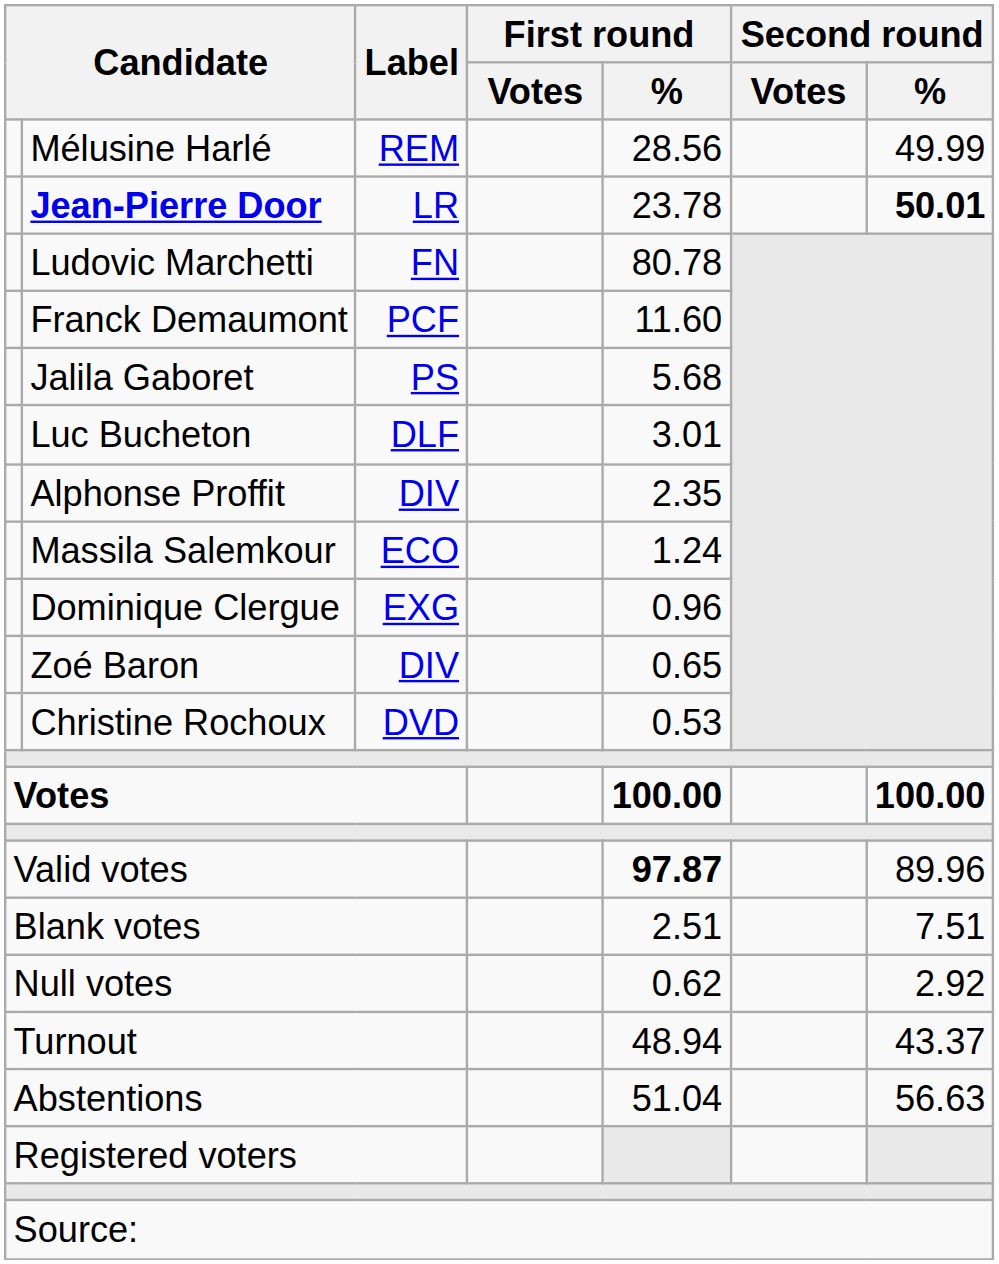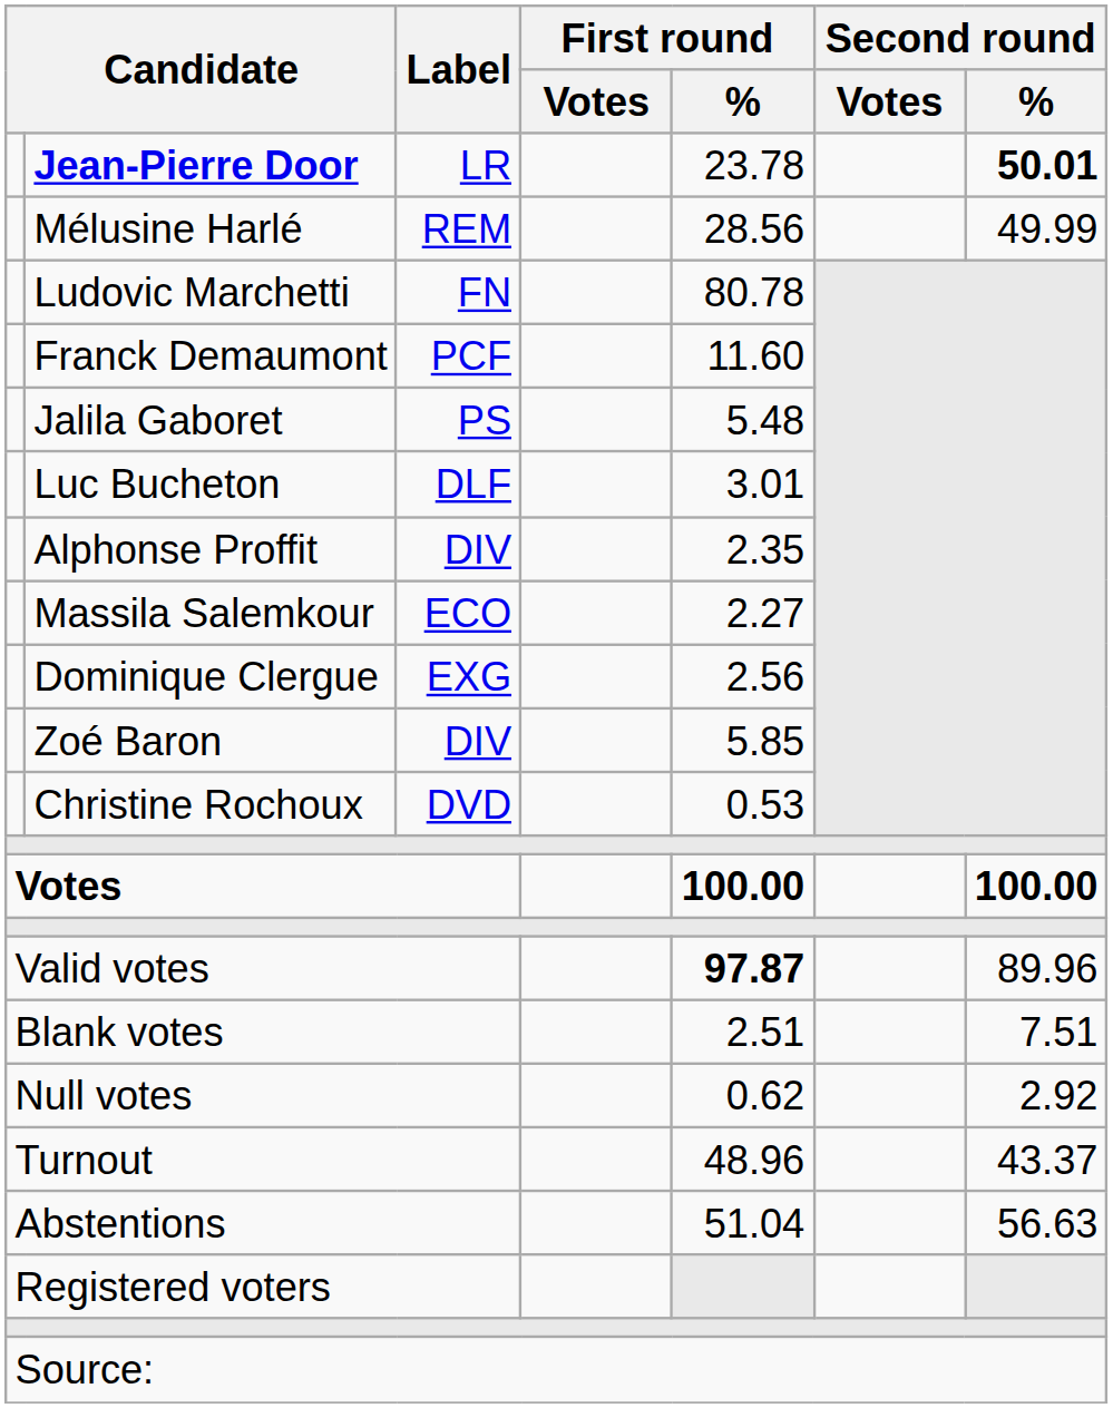 <table class="wikitable" style="text-align:right;font-size:95%;">
 <tr>
 <th rowspan="2" colspan="2">Candidate</th>
 <th rowspan="2">Label</th>
 <th colspan="2">First round</th>
 <th colspan="2">Second round</th>
 </tr>
 <tr>
 <th style="width:50px;">Votes</th>
 <th style="width:45px;">%</th>
 <th style="width:50px;">Votes</th>
 <th style="width:45px;">%</th>
 </tr>
 <tr>
 <td style="color:inherit;background:"></td>
+<td style="text-align:left;"><strong><a href='#'>Jean-Pierre Door</a></strong></td>
+<td><a href='#'>LR</a></td>
+<td></td>
+<td>23.78</td>
+<td><strong></strong></td>
+<td><strong>50.01</strong></td>
+</tr>
+<tr>
+<td style="color:inherit;background:"></td>
 <td style="text-align:left;">Mélusine Harlé</td>
 <td><a href='#'>REM</a></td>
 <td></td>
 <td>28.56</td>
 <td></td>
 <td>49.99</td>
-</tr>
-<tr>
-<td style="color:inherit;background:"></td>
-<td style="text-align:left;"><strong><a href='#'>Jean-Pierre Door</a></strong></td>
-<td><a href='#'>LR</a></td>
-<td></td>
-<td>23.78</td>
-<td><strong></strong></td>
-<td><strong>50.01</strong></td>
 </tr>
 <tr>
 <td style="color:inherit;background:"></td>
 <td style="text-align:left;">Ludovic Marchetti</td>
 <td><a href='#'>FN</a></td>
 <td></td>
 <td>80.78</td>
 <td colspan="2" rowspan="9" style="background:#E9E9E9;"></td>
 </tr>
 <tr>
 <td style="color:inherit;background:"></td>
 <td style="text-align:left;">Franck Demaumont</td>
 <td><a href='#'>PCF</a></td>
 <td></td>
 <td>11.60</td>
 </tr>
 <tr>
 <td style="color:inherit;background:"></td>
 <td style="text-align:left;">Jalila Gaboret</td>
 <td><a href='#'>PS</a></td>
 <td></td>
-<td>5.68</td>
+<td>5.48</td>
 </tr>
 <tr>
 <td style="color:inherit;background:"></td>
 <td style="text-align:left;">Luc Bucheton</td>
 <td><a href='#'>DLF</a></td>
 <td></td>
 <td>3.01</td>
 </tr>
 <tr>
 <td style="color:inherit;background:"></td>
 <td style="text-align:left;">Alphonse Proffit</td>
 <td><a href='#'>DIV</a></td>
 <td></td>
 <td>2.35</td>
 </tr>
 <tr>
 <td style="color:inherit;background:"></td>
 <td style="text-align:left;">Massila Salemkour</td>
 <td><a href='#'>ECO</a></td>
 <td></td>
-<td>1.24</td>
+<td>2.27</td>
 </tr>
 <tr>
 <td style="color:inherit;background:"></td>
 <td style="text-align:left;">Dominique Clergue</td>
 <td><a href='#'>EXG</a></td>
 <td></td>
-<td>0.96</td>
+<td>2.56</td>
 </tr>
 <tr>
 <td style="color:inherit;background:"></td>
 <td style="text-align:left;">Zoé Baron</td>
 <td><a href='#'>DIV</a></td>
 <td></td>
-<td>0.65</td>
+<td>5.85</td>
 </tr>
 <tr>
 <td style="color:inherit;background:"></td>
 <td style="text-align:left;">Christine Rochoux</td>
 <td><a href='#'>DVD</a></td>
 <td></td>
 <td>0.53</td>
 </tr>
 <tr>
 <td colspan="7" style="background:#E9E9E9;"></td>
 </tr>
 <tr style="font-weight:bold;">
 <td colspan="3" style="text-align:left;">Votes</td>
 <td></td>
 <td>100.00</td>
 <td></td>
 <td>100.00</td>
 </tr>
 <tr>
 <td colspan="7" style="background:#E9E9E9;"></td>
 </tr>
 <tr>
 <td colspan="3" style="text-align:left;">Valid votes</td>
 <td></td>
 <td><strong>97.87</strong></td>
 <td></td>
 <td>89.96</td>
 </tr>
 <tr>
 <td colspan="3" style="text-align:left;">Blank votes</td>
 <td></td>
 <td>2.51</td>
 <td></td>
 <td>7.51</td>
 </tr>
 <tr>
 <td colspan="3" style="text-align:left;">Null votes</td>
 <td></td>
 <td>0.62</td>
 <td></td>
 <td>2.92</td>
 </tr>
 <tr>
 <td colspan="3" style="text-align:left;">Turnout</td>
 <td></td>
-<td>48.94</td>
+<td>48.96</td>
 <td></td>
 <td>43.37</td>
 </tr>
 <tr>
 <td colspan="3" style="text-align:left;">Abstentions</td>
 <td></td>
 <td>51.04</td>
 <td></td>
 <td>56.63</td>
 </tr>
 <tr>
 <td colspan="3" style="text-align:left;">Registered voters</td>
 <td></td>
 <td style="color:inherit;background:#E9E9E9;"></td>
 <td></td>
 <td style="color:inherit;background:#E9E9E9;"></td>
 </tr>
 <tr>
 <td colspan="7" style="background:#E9E9E9;"></td>
 </tr>
 <tr>
 <td colspan="7" style="text-align:left;">Source: </td>
 </tr>
 </table>
